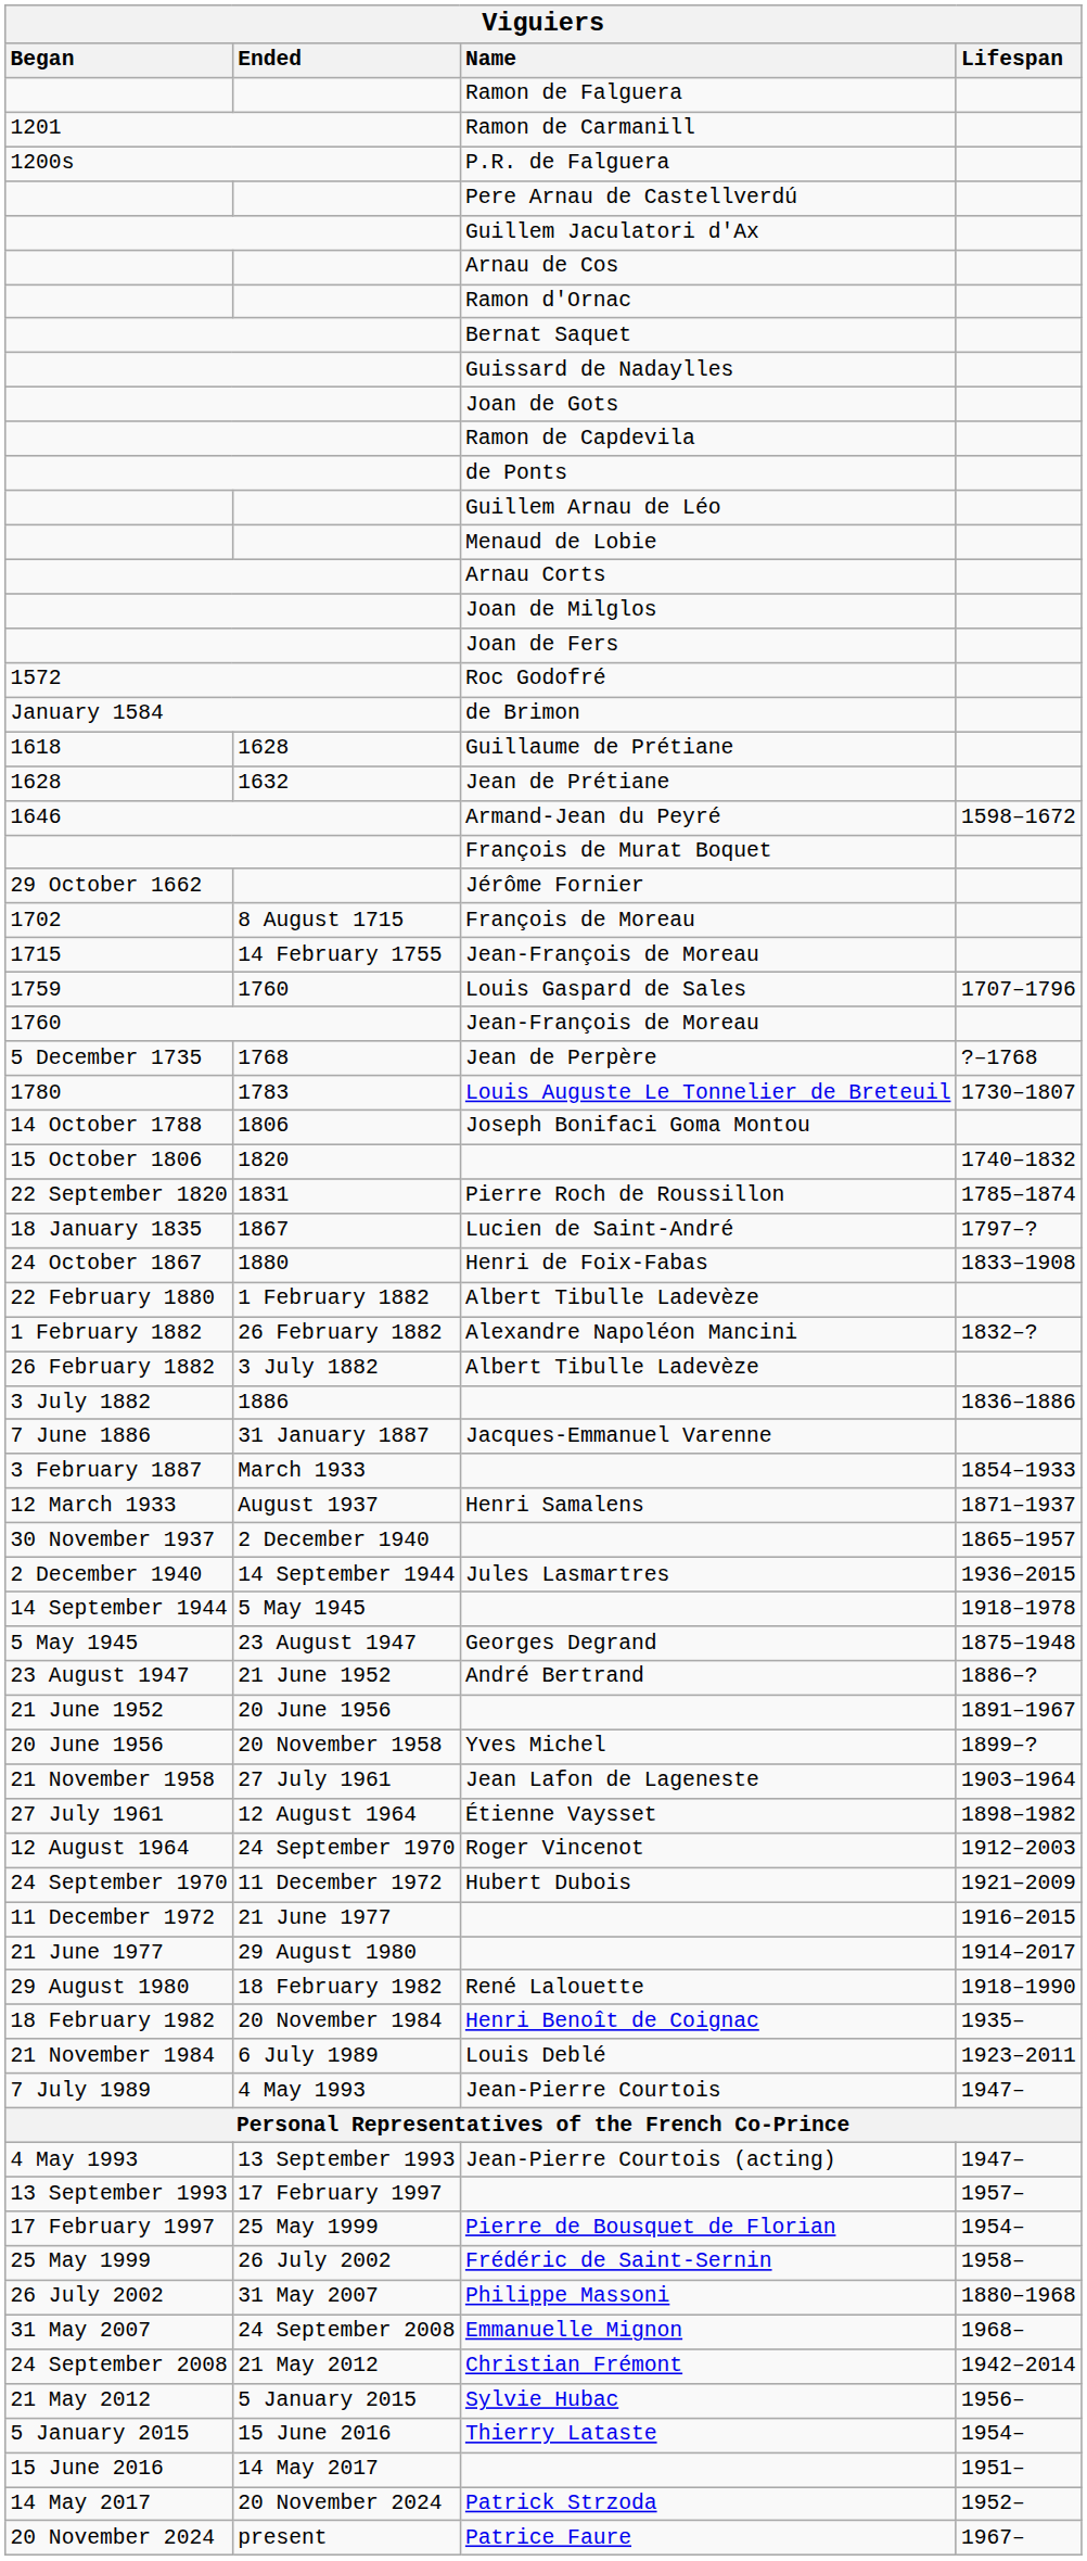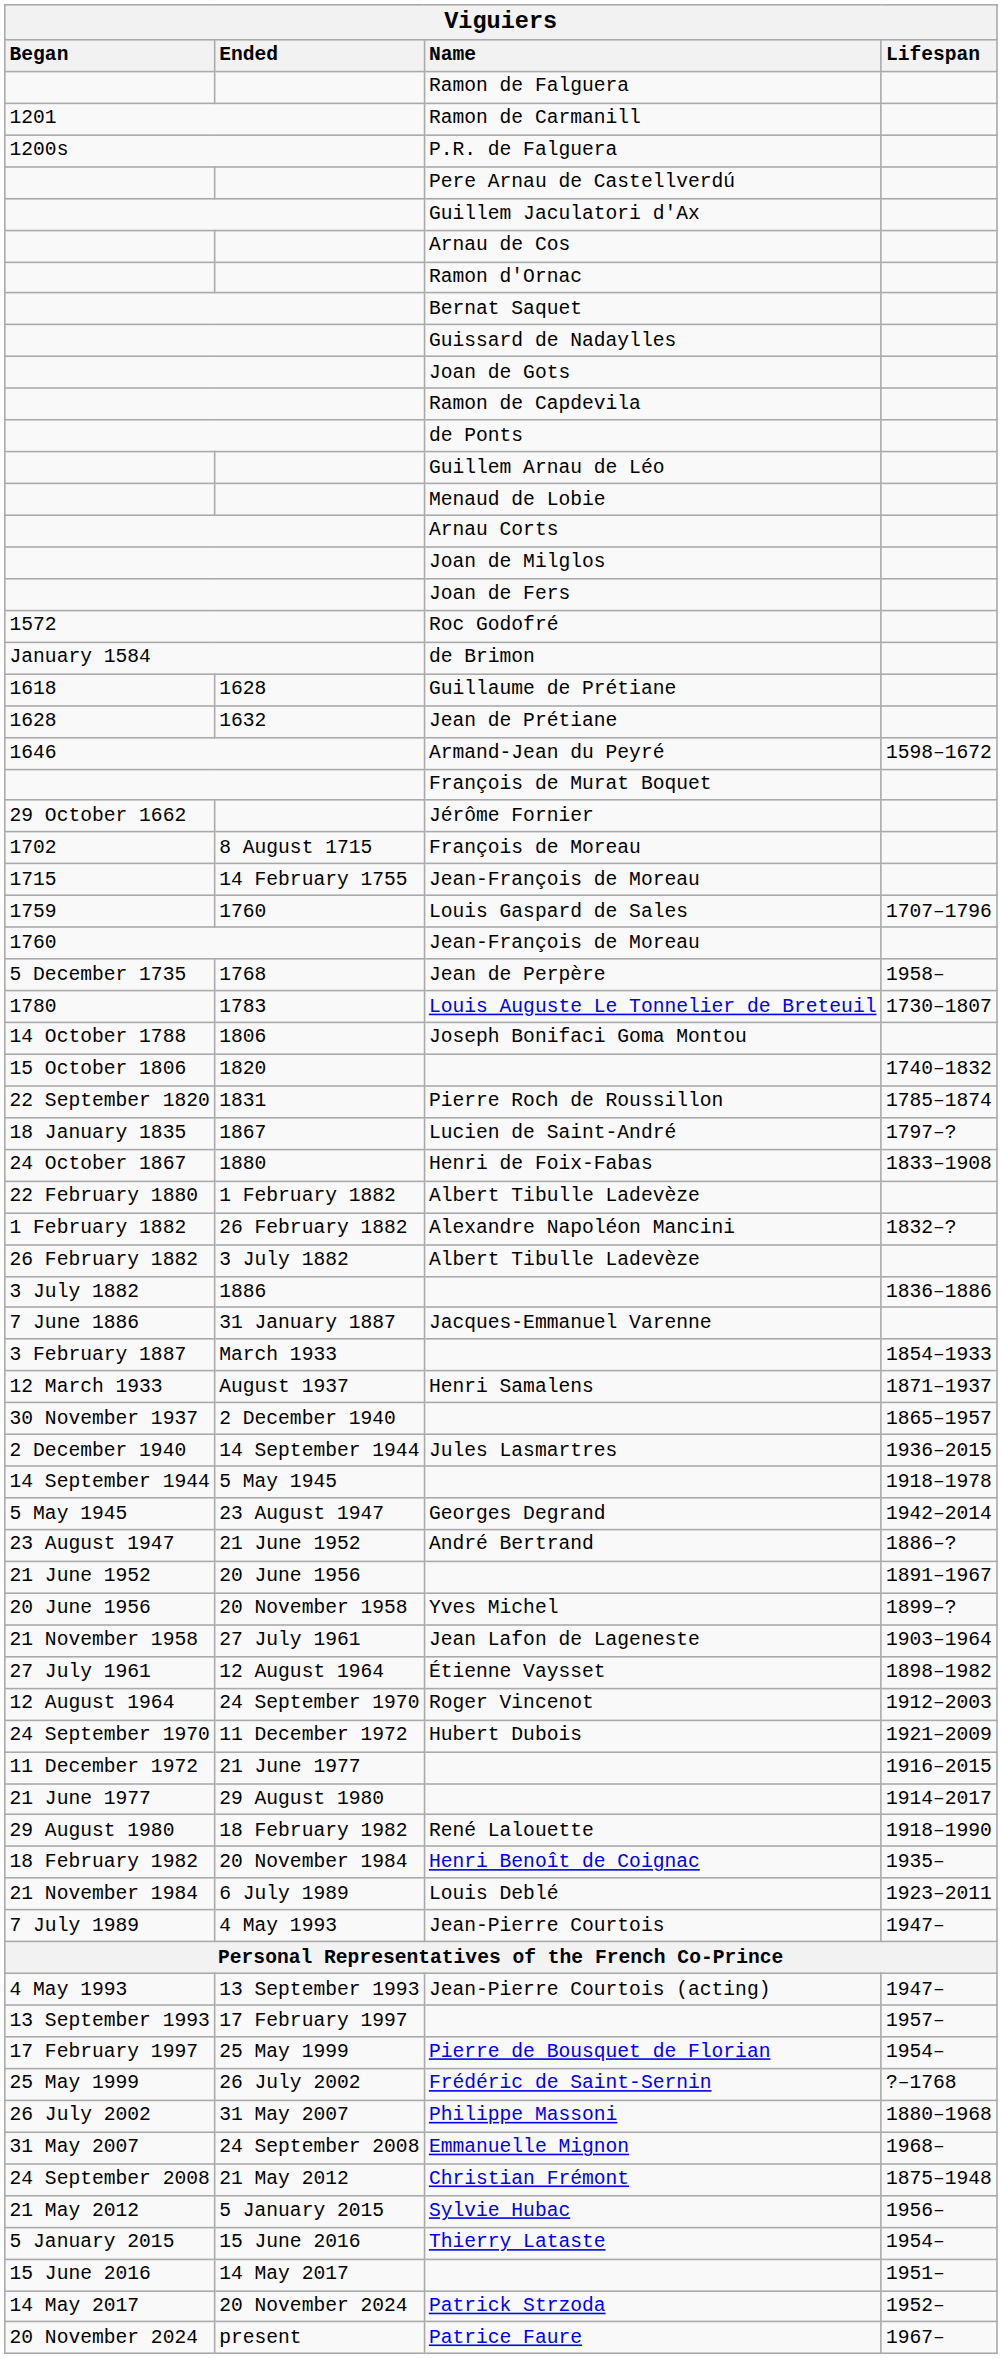 <table class="wikitable" style="font-size:95%">
 <tr>
 <th colspan="7"><big>Viguiers</big></th>
 </tr>
 <tr>
 <th style="text-align:left">Began</th>
 <th style="text-align:left">Ended</th>
 <th style="text-align:left">Name</th>
 <th style="text-align:left">Lifespan</th>
 </tr>
 <tr>
 <td></td>
 <td></td>
 <td>Ramon de Falguera</td>
 <td></td>
 </tr>
 <tr>
 <td colspan=2>1201</td>
 <td>Ramon de Carmanill</td>
 <td></td>
 </tr>
 <tr>
 <td colspan=2>1200s</td>
 <td>P.R. de Falguera</td>
 <td></td>
 </tr>
 <tr>
 <td></td>
 <td></td>
 <td>Pere Arnau de Castellverdú</td>
 <td></td>
 </tr>
 <tr>
 <td colspan=2></td>
 <td>Guillem Jaculatori d'Ax</td>
 <td></td>
 </tr>
 <tr>
 <td></td>
 <td></td>
 <td>Arnau de Cos</td>
 <td></td>
 </tr>
 <tr>
 <td></td>
 <td></td>
 <td>Ramon d'Ornac</td>
 <td></td>
 </tr>
 <tr>
 <td colspan=2></td>
 <td>Bernat Saquet</td>
 <td></td>
 </tr>
 <tr>
 <td colspan=2></td>
 <td>Guissard de Nadaylles</td>
 <td></td>
 </tr>
 <tr>
 <td colspan=2></td>
 <td>Joan de Gots</td>
 <td></td>
 </tr>
 <tr>
 <td colspan=2></td>
 <td>Ramon de Capdevila</td>
 <td></td>
 </tr>
 <tr>
 <td colspan=2></td>
 <td>de Ponts</td>
 <td></td>
 </tr>
 <tr>
 <td></td>
 <td></td>
 <td>Guillem Arnau de Léo</td>
 <td></td>
 </tr>
 <tr>
 <td></td>
 <td></td>
 <td>Menaud de Lobie</td>
 <td></td>
 </tr>
 <tr>
 <td colspan=2></td>
 <td>Arnau Corts</td>
 <td></td>
 </tr>
 <tr>
 <td colspan=2></td>
 <td>Joan de Milglos</td>
 <td></td>
 </tr>
 <tr>
 <td colspan=2></td>
 <td>Joan de Fers</td>
 <td></td>
 </tr>
 <tr>
 <td colspan=2>1572</td>
 <td>Roc Godofré</td>
 <td></td>
 </tr>
 <tr>
 <td colspan=2>January 1584</td>
 <td>de Brimon</td>
 <td></td>
 </tr>
 <tr>
 <td>1618</td>
 <td>1628</td>
 <td>Guillaume de Prétiane</td>
 <td></td>
 </tr>
 <tr>
 <td>1628</td>
 <td>1632</td>
 <td>Jean de Prétiane</td>
 <td></td>
 </tr>
 <tr>
 <td colspan=2>1646</td>
 <td>Armand-Jean du Peyré</td>
 <td>1598–1672</td>
 </tr>
 <tr>
 <td colspan=2></td>
 <td>François de Murat Boquet</td>
 <td></td>
 </tr>
 <tr>
 <td>29 October 1662</td>
 <td></td>
 <td>Jérôme Fornier</td>
 <td></td>
 </tr>
 <tr>
 <td>1702</td>
 <td>8 August 1715</td>
 <td>François de Moreau</td>
 <td></td>
 </tr>
 <tr>
 <td>1715</td>
 <td>14 February 1755</td>
 <td>Jean-François de Moreau</td>
 <td></td>
 </tr>
 <tr>
 <td>1759</td>
 <td>1760</td>
 <td>Louis Gaspard de Sales</td>
 <td>1707–1796</td>
 </tr>
 <tr>
 <td colspan=2>1760</td>
 <td>Jean-François de Moreau</td>
 <td></td>
 </tr>
 <tr>
 <td>5 December 1735</td>
 <td>1768</td>
 <td>Jean de Perpère</td>
-<td>?–1768</td>
+<td>1958–</td>
 </tr>
 <tr>
 <td>1780</td>
 <td>1783</td>
 <td><a href='#'>Louis Auguste Le Tonnelier de Breteuil</a></td>
 <td>1730–1807</td>
 </tr>
 <tr>
 <td>14 October 1788</td>
 <td>1806</td>
 <td>Joseph Bonifaci Goma Montou</td>
 <td></td>
 </tr>
 <tr>
 <td>15 October 1806</td>
 <td>1820</td>
 <td></td>
 <td>1740–1832</td>
 </tr>
 <tr>
 <td>22 September 1820</td>
 <td>1831</td>
 <td>Pierre Roch de Roussillon</td>
 <td>1785–1874</td>
 </tr>
 <tr>
 <td>18 January 1835</td>
 <td>1867</td>
 <td>Lucien de Saint-André</td>
 <td>1797–?</td>
 </tr>
 <tr>
 <td>24 October 1867</td>
 <td>1880</td>
 <td>Henri de Foix-Fabas</td>
 <td>1833–1908</td>
 </tr>
 <tr>
 <td>22 February 1880</td>
 <td>1 February 1882</td>
 <td>Albert Tibulle Ladevèze</td>
 <td></td>
 </tr>
 <tr>
 <td>1 February 1882</td>
 <td>26 February 1882</td>
 <td>Alexandre Napoléon Mancini</td>
 <td>1832–?</td>
 </tr>
 <tr>
 <td>26 February 1882</td>
 <td>3 July 1882</td>
 <td>Albert Tibulle Ladevèze</td>
 <td></td>
 </tr>
 <tr>
 <td>3 July 1882</td>
 <td>1886</td>
 <td></td>
 <td>1836–1886</td>
 </tr>
 <tr>
 <td>7 June 1886</td>
 <td>31 January 1887</td>
 <td>Jacques-Emmanuel Varenne</td>
 <td></td>
 </tr>
 <tr>
 <td>3 February 1887</td>
 <td>March 1933</td>
 <td></td>
 <td>1854–1933</td>
 </tr>
 <tr>
 <td>12 March 1933</td>
 <td>August 1937</td>
 <td>Henri Samalens</td>
 <td>1871–1937</td>
 </tr>
 <tr>
 <td>30 November 1937</td>
 <td>2 December 1940</td>
 <td></td>
 <td>1865–1957</td>
 </tr>
 <tr>
 <td>2 December 1940</td>
 <td>14 September 1944</td>
 <td>Jules Lasmartres</td>
 <td>1936–2015</td>
 </tr>
 <tr>
 <td>14 September 1944</td>
 <td>5 May 1945</td>
 <td></td>
 <td>1918–1978</td>
 </tr>
 <tr>
 <td>5 May 1945</td>
 <td>23 August 1947</td>
 <td>Georges Degrand</td>
-<td>1875–1948</td>
+<td>1942–2014</td>
 </tr>
 <tr>
 <td>23 August 1947</td>
 <td>21 June 1952</td>
 <td>André Bertrand</td>
 <td>1886–?</td>
 </tr>
 <tr>
 <td>21 June 1952</td>
 <td>20 June 1956</td>
 <td></td>
 <td>1891–1967</td>
 </tr>
 <tr>
 <td>20 June 1956</td>
 <td>20 November 1958</td>
 <td>Yves Michel</td>
 <td>1899–?</td>
 </tr>
 <tr>
 <td>21 November 1958</td>
 <td>27 July 1961</td>
 <td>Jean Lafon de Lageneste</td>
 <td>1903–1964</td>
 </tr>
 <tr>
 <td>27 July 1961</td>
 <td>12 August 1964</td>
 <td>Étienne Vaysset</td>
 <td>1898–1982</td>
 </tr>
 <tr>
 <td>12 August 1964</td>
 <td>24 September 1970</td>
 <td>Roger Vincenot</td>
 <td>1912–2003</td>
 </tr>
 <tr>
 <td>24 September 1970</td>
 <td>11 December 1972</td>
 <td>Hubert Dubois</td>
 <td>1921–2009</td>
 </tr>
 <tr>
 <td>11 December 1972</td>
 <td>21 June 1977</td>
 <td></td>
 <td>1916–2015</td>
 </tr>
 <tr>
 <td>21 June 1977</td>
 <td>29 August 1980</td>
 <td></td>
 <td>1914–2017</td>
 </tr>
 <tr>
 <td>29 August 1980</td>
 <td>18 February 1982</td>
 <td>René Lalouette</td>
 <td>1918–1990</td>
 </tr>
 <tr>
 <td>18 February 1982</td>
 <td>20 November 1984</td>
 <td><a href='#'>Henri Benoît de Coignac</a></td>
 <td>1935–</td>
 </tr>
 <tr>
 <td>21 November 1984</td>
 <td>6 July 1989</td>
 <td>Louis Deblé</td>
 <td>1923–2011</td>
 </tr>
 <tr>
 <td>7 July 1989</td>
 <td>4 May 1993</td>
 <td>Jean-Pierre Courtois</td>
 <td>1947–</td>
 </tr>
 <tr>
 <th colspan=7>Personal Representatives of the French Co-Prince</th>
 </tr>
 <tr>
 <td>4 May 1993</td>
 <td>13 September 1993</td>
 <td>Jean-Pierre Courtois (acting)</td>
 <td>1947–</td>
 </tr>
 <tr>
 <td>13 September 1993</td>
 <td>17 February 1997</td>
 <td></td>
 <td>1957–</td>
 </tr>
 <tr>
 <td>17 February 1997</td>
 <td>25 May 1999</td>
 <td><a href='#'>Pierre de Bousquet de Florian</a></td>
 <td>1954–</td>
 </tr>
 <tr>
 <td>25 May 1999</td>
 <td>26 July 2002</td>
 <td><a href='#'>Frédéric de Saint-Sernin</a></td>
-<td>1958–</td>
+<td>?–1768</td>
 </tr>
 <tr>
 <td>26 July 2002</td>
 <td>31 May 2007</td>
 <td><a href='#'>Philippe Massoni</a></td>
 <td>1880–1968</td>
 </tr>
 <tr>
 <td>31 May 2007</td>
 <td>24 September 2008</td>
 <td><a href='#'>Emmanuelle Mignon</a></td>
 <td>1968–</td>
 </tr>
 <tr>
 <td>24 September 2008</td>
 <td>21 May 2012</td>
 <td><a href='#'>Christian Frémont</a></td>
-<td>1942–2014</td>
+<td>1875–1948</td>
 </tr>
 <tr>
 <td>21 May 2012</td>
 <td>5 January 2015</td>
 <td><a href='#'>Sylvie Hubac</a></td>
 <td>1956–</td>
 </tr>
 <tr>
 <td>5 January 2015</td>
 <td>15 June 2016</td>
 <td><a href='#'>Thierry Lataste</a></td>
 <td>1954–</td>
 </tr>
 <tr>
 <td>15 June 2016</td>
 <td>14 May 2017</td>
 <td></td>
 <td>1951–</td>
 </tr>
 <tr>
 <td>14 May 2017</td>
 <td>20 November 2024</td>
 <td><a href='#'>Patrick Strzoda</a></td>
 <td>1952–</td>
 </tr>
 <tr>
 <td>20 November 2024</td>
 <td>present</td>
 <td><a href='#'>Patrice Faure</a></td>
 <td>1967–</td>
 </tr>
 </table>
